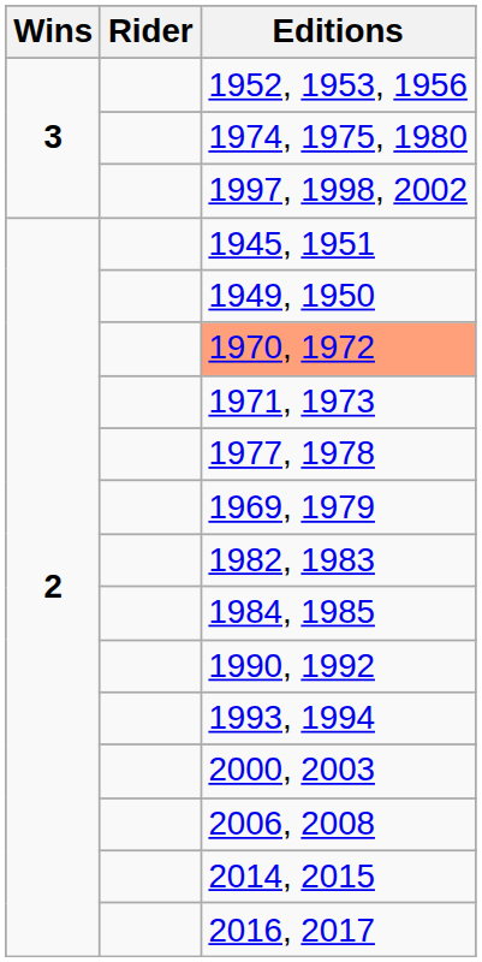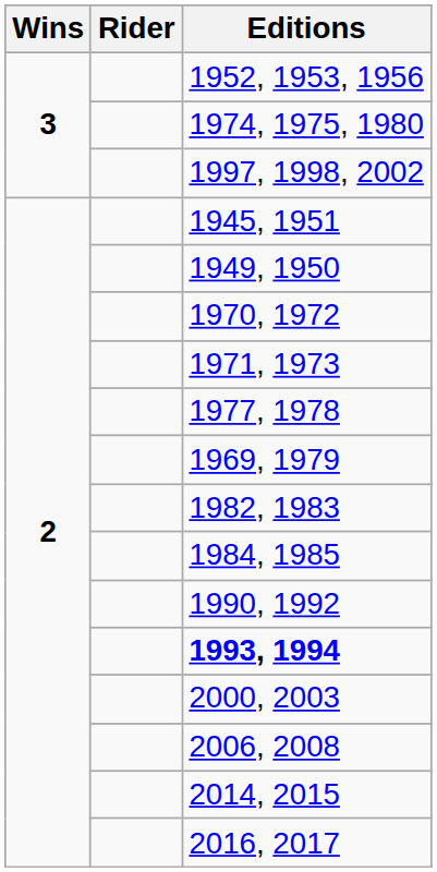 <table class="wikitable">
 <tr>
 <th>Wins</th>
 <th>Rider</th>
 <th>Editions</th>
 </tr>
 <tr>
 <td align=center rowspan= 3><strong>3</strong></td>
 <td></td>
 <td><a href='#'>1952</a>, <a href='#'>1953</a>, <a href='#'>1956</a></td>
 </tr>
 <tr>
 <td></td>
 <td><a href='#'>1974</a>, <a href='#'>1975</a>, <a href='#'>1980</a></td>
 </tr>
 <tr>
 <td></td>
 <td><a href='#'>1997</a>, <a href='#'>1998</a>, <a href='#'>2002</a></td>
 </tr>
 <tr>
 <td align=center rowspan= 14><strong>2</strong></td>
 <td></td>
 <td><a href='#'>1945</a>, <a href='#'>1951</a></td>
 </tr>
 <tr>
 <td></td>
 <td><a href='#'>1949</a>, <a href='#'>1950</a></td>
 </tr>
 <tr>
 <td></td>
-<td style="background: lightsalmon;"><a href='#'>1970</a>, <a href='#'>1972</a></td>
+<td><a href='#'>1970</a>, <a href='#'>1972</a></td>
 </tr>
 <tr>
 <td></td>
 <td><a href='#'>1971</a>, <a href='#'>1973</a></td>
 </tr>
 <tr>
 <td></td>
 <td><a href='#'>1977</a>, <a href='#'>1978</a></td>
 </tr>
 <tr>
 <td></td>
 <td><a href='#'>1969</a>, <a href='#'>1979</a></td>
 </tr>
 <tr>
 <td></td>
 <td><a href='#'>1982</a>, <a href='#'>1983</a></td>
 </tr>
 <tr>
 <td></td>
 <td><a href='#'>1984</a>, <a href='#'>1985</a></td>
 </tr>
 <tr>
 <td></td>
 <td><a href='#'>1990</a>, <a href='#'>1992</a></td>
 </tr>
 <tr>
 <td></td>
-<td><a href='#'>1993</a>, <a href='#'>1994</a></td>
+<td><strong><a href='#'>1993</a>, <a href='#'>1994</a></strong></td>
 </tr>
 <tr>
 <td></td>
 <td><a href='#'>2000</a>, <a href='#'>2003</a></td>
 </tr>
 <tr>
 <td></td>
 <td><a href='#'>2006</a>, <a href='#'>2008</a></td>
 </tr>
 <tr>
 <td></td>
 <td><a href='#'>2014</a>, <a href='#'>2015</a></td>
 </tr>
 <tr>
 <td></td>
 <td><a href='#'>2016</a>, <a href='#'>2017</a></td>
 </tr>
 </table>
